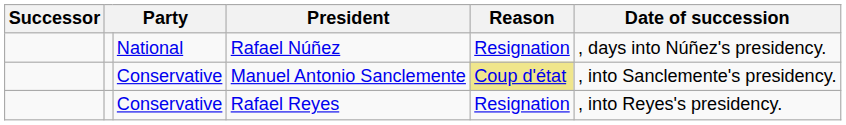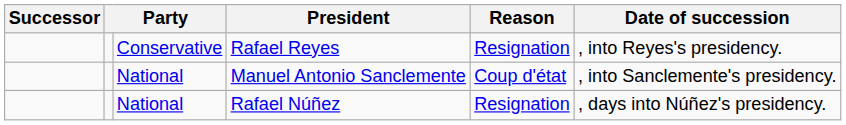 <table class="wikitable sortable">
 <tr>
 <th>Successor</th>
 <th colspan="2">Party</th>
 <th>President</th>
 <th>Reason</th>
 <th>Date of succession</th>
 </tr>
 <tr>
 <td></td>
 <td style="background-color:"></td>
+<td><a href='#'>Conservative</a></td>
+<td><a href='#'>Rafael Reyes</a></td>
+<td><a href='#'>Resignation</a></td>
+<td>,  into Reyes's presidency.</td>
+</tr>
+<tr>
+<td></td>
+<td style="background-color:"></td>
+<td><a href='#'>National</a></td>
+<td><a href='#'>Manuel Antonio Sanclemente</a></td>
+<td><a href='#'>Coup d'état</a></td>
+<td>,  into Sanclemente's presidency.</td>
+</tr>
+<tr>
+<td></td>
+<td style="background-color:"></td>
 <td><a href='#'>National</a></td>
 <td><a href='#'>Rafael Núñez</a></td>
 <td><a href='#'>Resignation</a></td>
 <td>,  days into Núñez's presidency.</td>
 </tr>
-<tr>
-<td></td>
-<td style="background-color:"></td>
-<td><a href='#'>Conservative</a></td>
-<td><a href='#'>Manuel Antonio Sanclemente</a></td>
-<td style="background: khaki;"><a href='#'>Coup d'état</a></td>
-<td>,  into Sanclemente's presidency.</td>
-</tr>
-<tr>
-<td></td>
-<td style="background-color:"></td>
-<td><a href='#'>Conservative</a></td>
-<td><a href='#'>Rafael Reyes</a></td>
-<td><a href='#'>Resignation</a></td>
-<td>,  into Reyes's presidency.</td>
-</tr>
 </table>
